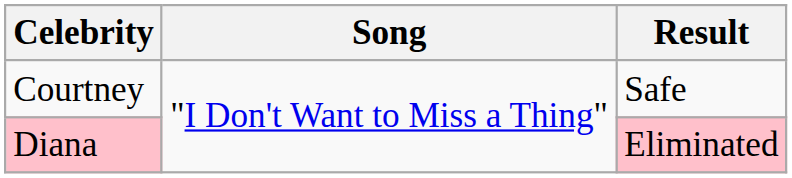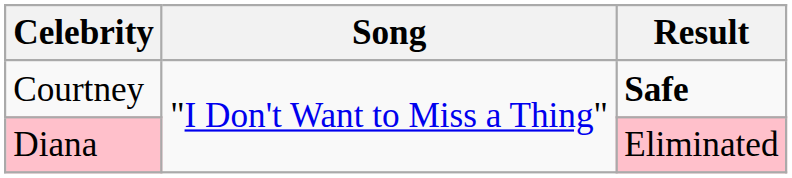 <table class="wikitable sortable collapsed">
 <tr>
 <th>Celebrity</th>
 <th>Song</th>
 <th>Result</th>
 </tr>
 <tr>
 <td>Courtney</td>
 <td rowspan=2>"<a href='#'>I Don't Want to Miss a Thing</a>"</td>
-<td>Safe</td>
+<td><strong>Safe</strong></td>
 </tr>
 <tr style="background:pink;">
 <td>Diana</td>
 <td>Eliminated</td>
 </tr>
 </table>
